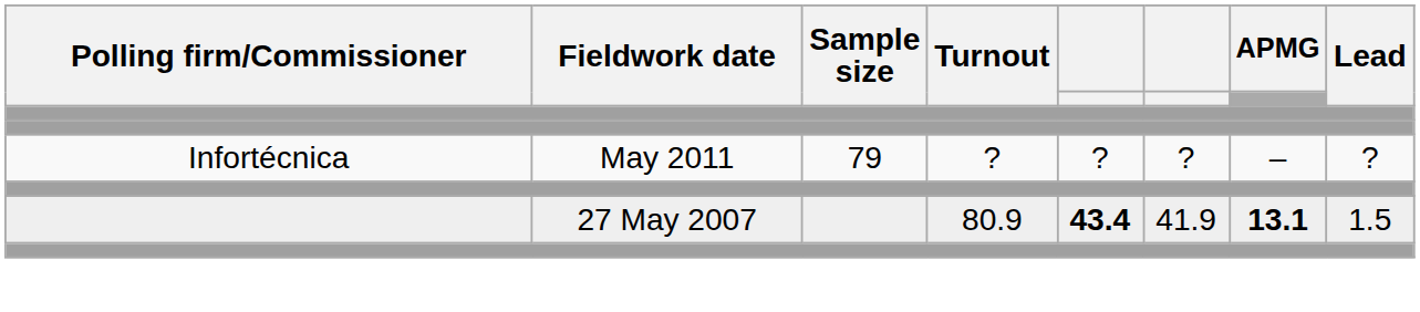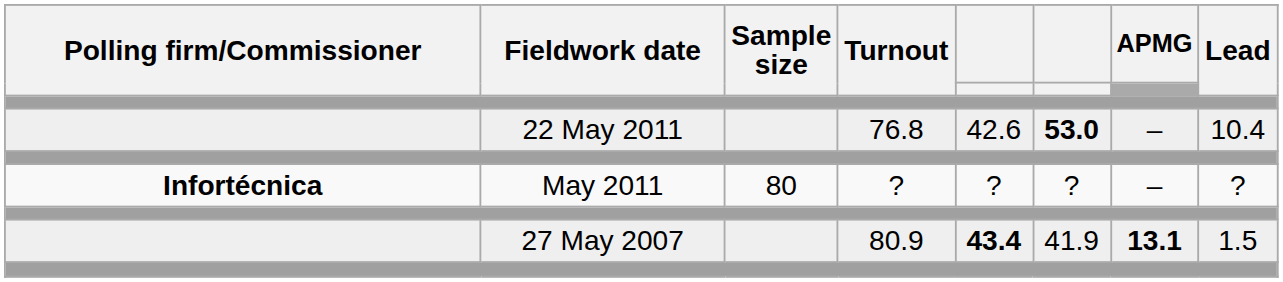 <table class="wikitable collapsible collapsed" style="text-align:center; font-size:95%; line-height:16px;">
 <tr style="height:42px;">
 <th style="width:250px;" rowspan="2">Polling firm/Commissioner</th>
 <th style="width:125px;" rowspan="2">Fieldwork date</th>
 <th style="width:50px;" rowspan="2">Sample size</th>
 <th style="width:45px;" rowspan="2">Turnout</th>
 <th style="width:35px;"></th>
 <th style="width:35px;"></th>
 <th style="width:35px; font-size:90%;">APMG</th>
 <th style="width:30px;" rowspan="2">Lead</th>
 </tr>
 <tr>
 <th style="color:inherit;background:"></th>
 <th style="color:inherit;background:"></th>
 <th style="color:inherit;background:#AAAAAA;"></th>
 </tr>
 <tr>
 <td colspan="8" style="background:#A0A0A0"></td>
 </tr>
+<tr style="background:#EFEFEF;">
+<td><strong></strong></td>
+<td>22 May 2011</td>
+<td></td>
+<td>76.8</td>
+<td>42.6<br></td>
+<td><strong>53.0</strong><br></td>
+<td>–</td>
+<td style="background:">10.4</td>
+</tr>
 <tr>
 <td colspan="8" style="background:#A0A0A0"></td>
 </tr>
 <tr>
-<td>Infortécnica</td>
+<td><strong>Infortécnica</strong></td>
 <td>May 2011</td>
-<td>79</td>
+<td>80</td>
 <td>?</td>
 <td>?<br></td>
 <td>?<br></td>
 <td>–</td>
 <td style="background:">?</td>
 </tr>
 <tr>
 <td colspan="8" style="background:#A0A0A0"></td>
 </tr>
 <tr style="background:#EFEFEF;">
 <td><strong></strong></td>
 <td>27 May 2007</td>
 <td></td>
 <td>80.9</td>
 <td><strong>43.4</strong><br></td>
 <td>41.9<br></td>
 <td><strong>13.1<br></strong></td>
 <td style="background:">1.5</td>
 </tr>
 <tr>
 <td colspan="8" style="background:#A0A0A0"></td>
 </tr>
 </table>
